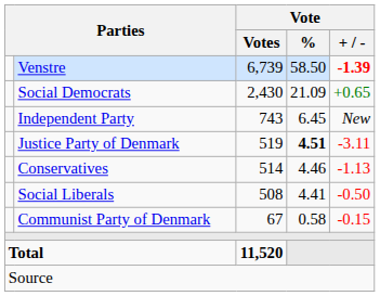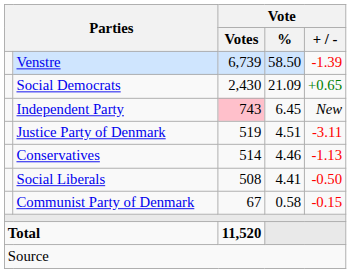 <table class="wikitable" style="text-align:right;">
 <tr>
 <th style="text-align:centre;" rowspan="2" colspan="2" width="225">Parties</th>
 <th colspan="3">Vote</th>
 </tr>
 <tr>
 <th width="15">Votes</th>
 <th width="15">%</th>
 <th width="15">+ / -</th>
 </tr>
 <tr>
 <td width="2" style="color:inherit;background:"></td>
 <td bgcolor=#cfe5fe  align="left"><a href='#'>Venstre</a></td>
 <td bgcolor=#cfe5fe>6,739</td>
 <td bgcolor=#cfe5fe>58.50</td>
-<td style=color:red;><strong>-1.39</strong></td>
+<td style=color:red;>-1.39</td>
 </tr>
 <tr>
 <td width="2" style="color:inherit;background:"></td>
 <td align="left"><a href='#'>Social Democrats</a></td>
 <td>2,430</td>
 <td>21.09</td>
 <td style=color:green;>+0.65</td>
 </tr>
 <tr>
 <td width="2" style="color:inherit;background:"></td>
 <td align="left"><a href='#'>Independent Party</a></td>
-<td>743</td>
+<td style="background: pink;">743</td>
 <td>6.45</td>
 <td><em>New</em></td>
 </tr>
 <tr>
 <td width="2" style="color:inherit;background:"></td>
 <td align="left"><a href='#'>Justice Party of Denmark</a></td>
 <td>519</td>
-<td><strong>4.51</strong></td>
+<td>4.51</td>
 <td style=color:red;>-3.11</td>
 </tr>
 <tr>
 <td width="2" style="color:inherit;background:"></td>
 <td align="left"><a href='#'>Conservatives</a></td>
 <td>514</td>
 <td>4.46</td>
 <td style=color:red;>-1.13</td>
 </tr>
 <tr>
 <td width="2" style="color:inherit;background:"></td>
 <td align="left"><a href='#'>Social Liberals</a></td>
 <td>508</td>
 <td>4.41</td>
 <td style=color:red;>-0.50</td>
 </tr>
 <tr>
 <td width="2" style="color:inherit;background:"></td>
 <td align="left"><a href='#'>Communist Party of Denmark</a></td>
 <td>67</td>
 <td>0.58</td>
 <td style=color:red;>-0.15</td>
 </tr>
 <tr>
 <td colspan="7" bgcolor="#E9E9E9"></td>
 </tr>
 <tr>
 <td align="left" colspan="2"><strong>Total</strong></td>
 <td><strong>11,520</strong></td>
 <td bgcolor="#E9E9E9" colspan="2"></td>
 </tr>
 <tr>
 <td align="left" colspan="6">Source</td>
 </tr>
 </table>
